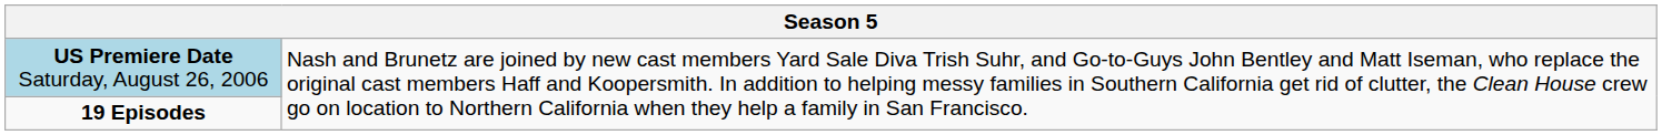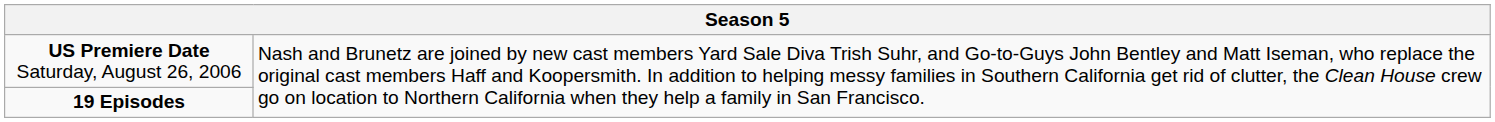 <table class="wikitable" style="width:98%;">
 <tr>
 <th colspan="2">Season 5</th>
 </tr>
 <tr>
-<td style="background: lightblue; width:200px; text-align:center;"><strong>US Premiere Date</strong><br>Saturday, August 26, 2006</td>
+<td style="width:200px; text-align:center;"><strong>US Premiere Date</strong><br>Saturday, August 26, 2006</td>
 <td rowspan="2">Nash and Brunetz are joined by new cast members Yard Sale Diva Trish Suhr, and Go-to-Guys John Bentley and Matt Iseman, who replace the original cast members Haff and Koopersmith. In addition to helping messy families in Southern California get rid of clutter, the <em>Clean House</em> crew go on location to Northern California when they help a family in San Francisco.</td>
 </tr>
 <tr>
 <td style="text-align:center;"><strong>19 Episodes</strong></td>
 </tr>
 </table>
